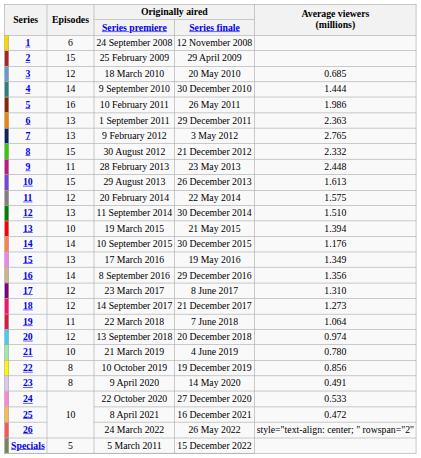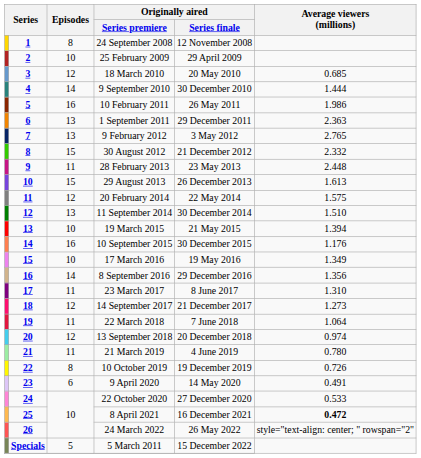 <table class="wikitable" style="text-align: center; ">
 <tr>
 <th style="padding: 0 8px; " colspan="2" rowspan="2">Series</th>
 <th style="padding: 0 8px; " rowspan="2">Episodes</th>
 <th colspan="2">Originally aired</th>
 <th style="padding: 0 8px; " rowspan="2">Average viewers<br>(millions)</th>
 </tr>
 <tr>
 <th><a href='#'>Series premiere</a></th>
 <th><a href='#'>Series finale</a></th>
 </tr>
 <tr>
 <td style="background:gold; "></td>
 <td style="text-align: center; "><strong><a href='#'>1</a></strong></td>
-<td style="text-align: center; ">6</td>
+<td style="text-align: center; ">8</td>
 <td style="text-align: center; ">24 September 2008</td>
 <td style="text-align: center; ">12 November 2008</td>
 <td></td>
 </tr>
 <tr>
 <td style="background:#b22222;"></td>
 <td style="text-align: center; "><strong><a href='#'>2</a></strong></td>
-<td style="text-align: center; ">15</td>
+<td style="text-align: center; ">10</td>
 <td style="text-align: center; ">25 February 2009</td>
 <td style="text-align: center; ">29 April 2009</td>
 <td></td>
 </tr>
 <tr>
 <td style="background:#69c; "></td>
 <td style="text-align: center; "><strong><a href='#'>3</a></strong></td>
 <td style="text-align: center; ">12</td>
 <td style="text-align: center; ">18 March 2010</td>
 <td style="text-align: center; ">20 May 2010</td>
 <td>0.685</td>
 </tr>
 <tr>
 <td style="background:#28837c; "></td>
 <td style="text-align: center; "><strong><a href='#'>4</a></strong></td>
 <td style="text-align: center; ">14</td>
 <td style="text-align: center; ">9 September 2010</td>
 <td style="text-align: center; ">30 December 2010</td>
 <td>1.444</td>
 </tr>
 <tr>
 <td style="background:#8b2500;"></td>
 <td style="text-align: center; "><strong><a href='#'>5</a></strong></td>
 <td style="text-align: center; ">16</td>
 <td style="text-align: center; ">10 February 2011</td>
 <td style="text-align: center; ">26 May 2011</td>
 <td>1.986</td>
 </tr>
 <tr>
 <td style="background:#f28500;"></td>
 <td style="text-align: center; "><strong><a href='#'>6</a></strong></td>
 <td style="text-align: center; ">13</td>
 <td style="text-align: center; ">1 September 2011</td>
 <td style="text-align: center; ">29 December 2011</td>
 <td>2.363</td>
 </tr>
 <tr>
 <td style="background:#082567;"></td>
 <td style="text-align: center; "><strong><a href='#'>7</a></strong></td>
 <td style="text-align: center; ">13</td>
 <td style="text-align: center; ">9 February 2012</td>
 <td style="text-align: center; ">3 May 2012</td>
 <td>2.765</td>
 </tr>
 <tr>
 <td style="background:#3c0;"></td>
 <td style="text-align: center; "><strong><a href='#'>8</a></strong></td>
 <td style="text-align: center; ">15</td>
 <td style="text-align: center; ">30 August 2012</td>
 <td style="text-align: center; ">21 December 2012</td>
 <td>2.332</td>
 </tr>
 <tr>
 <td style="background:#C71585;"></td>
 <td style="text-align: center; "><strong><a href='#'>9</a></strong></td>
 <td style="text-align: center; ">11</td>
 <td style="text-align: center; ">28 February 2013</td>
 <td style="text-align: center; ">23 May 2013</td>
 <td>2.448</td>
 </tr>
 <tr>
 <td style="background:#74D;"></td>
 <td style="text-align: center; "><strong><a href='#'>10</a></strong></td>
 <td style="text-align: center; ">15</td>
 <td style="text-align: center; ">29 August 2013</td>
 <td style="text-align: center; ">26 December 2013</td>
 <td>1.613</td>
 </tr>
 <tr>
 <td style="background:gray;"></td>
 <td style="text-align: center; "><strong><a href='#'>11</a></strong></td>
 <td style="text-align: center; ">12</td>
 <td style="text-align: center; ">20 February 2014</td>
 <td style="text-align: center; ">22 May 2014</td>
 <td>1.575</td>
 </tr>
 <tr>
 <td style="background:green;"></td>
 <td style="text-align: center; "><strong><a href='#'>12</a></strong></td>
 <td style="text-align: center; ">13</td>
 <td style="text-align: center; ">11 September 2014</td>
 <td style="text-align: center; ">30 December 2014</td>
 <td>1.510</td>
 </tr>
 <tr>
 <td style="background:red;"></td>
 <td style="text-align: center; "><strong><a href='#'>13</a></strong></td>
 <td style="text-align: center; ">10</td>
 <td style="text-align: center; ">19 March 2015</td>
 <td style="text-align: center; ">21 May 2015</td>
 <td>1.394</td>
 </tr>
 <tr>
 <td style="background:coral;"></td>
 <td style="text-align: center; "><strong><a href='#'>14</a></strong></td>
-<td style="text-align: center; ">14</td>
+<td style="text-align: center; ">16</td>
 <td style="text-align: center; ">10 September 2015</td>
 <td style="text-align: center; ">30 December 2015</td>
 <td>1.176</td>
 </tr>
 <tr>
 <td style="background:violet;"></td>
 <td style="text-align: center; "><strong><a href='#'>15</a></strong></td>
-<td style="text-align: center; ">13</td>
+<td style="text-align: center; ">10</td>
 <td style="text-align: center; ">17 March 2016</td>
 <td style="text-align: center; ">19 May 2016</td>
 <td>1.349</td>
 </tr>
 <tr>
 <td style="background:tan;"></td>
 <td style="text-align: center; "><strong><a href='#'>16</a></strong></td>
 <td style="text-align: center; ">14</td>
 <td style="text-align: center; ">8 September 2016</td>
 <td style="text-align: center; ">29 December 2016</td>
 <td>1.356</td>
 </tr>
 <tr>
 <td style="background:purple;"></td>
 <td style="text-align: center; "><strong><a href='#'>17</a></strong></td>
-<td style="text-align: center; ">12</td>
+<td style="text-align: center; ">11</td>
 <td style="text-align: center; ">23 March 2017</td>
 <td style="text-align: center; ">8 June 2017</td>
 <td>1.310</td>
 </tr>
 <tr>
 <td style="background:#ff0f6f;"></td>
 <td style="text-align: center; "><strong><a href='#'>18</a></strong></td>
 <td style="text-align: center; ">12</td>
 <td style="text-align: center; ">14 September 2017</td>
 <td style="text-align: center; ">21 December 2017</td>
 <td>1.273</td>
 </tr>
 <tr>
 <td style="background:#e2163f;"></td>
 <td style="text-align: center; "><strong><a href='#'>19</a></strong></td>
 <td style="text-align: center; ">11</td>
 <td style="text-align: center; ">22 March 2018</td>
 <td style="text-align: center; ">7 June 2018</td>
 <td>1.064</td>
 </tr>
 <tr>
 <td style="background:#44ceed;"></td>
 <td style="text-align: center; "><strong><a href='#'>20</a></strong></td>
 <td style="text-align: center; ">12</td>
 <td style="text-align: center; ">13 September 2018</td>
 <td style="text-align: center; ">20 December 2018</td>
 <td>0.974</td>
 </tr>
 <tr>
 <td style="background:#9ceda3;"></td>
 <td style="text-align: center; "><strong><a href='#'>21</a></strong></td>
-<td style="text-align: center; ">10</td>
+<td style="text-align: center; ">11</td>
 <td style="text-align: center; ">21 March 2019</td>
 <td style="text-align: center; ">4 June 2019</td>
 <td>0.780</td>
 </tr>
 <tr>
 <td style="background:#fff700;"></td>
 <td style="text-align: center; "><strong><a href='#'>22</a></strong></td>
 <td style="text-align: center; ">8</td>
 <td style="text-align: center; ">10 October 2019</td>
 <td style="text-align: center; ">19 December 2019</td>
-<td>0.856</td>
+<td>0.726</td>
 </tr>
 <tr>
 <td style="background:#ddc6f7;"></td>
 <td style="text-align: center; "><strong><a href='#'>23</a></strong></td>
-<td style="text-align: center; ">8</td>
+<td style="text-align: center; ">6</td>
 <td style="text-align: center; ">9 April 2020</td>
 <td style="text-align: center; ">14 May 2020</td>
 <td>0.491</td>
 </tr>
 <tr>
 <td style="background:#ff85d6;"></td>
 <td style="text-align: center; "><strong><a href='#'>24</a></strong></td>
 <td rowspan="3" style="text-align: center; ">10</td>
 <td style="text-align: center; ">22 October 2020</td>
 <td style="text-align: center; ">27 December 2020</td>
 <td>0.533</td>
 </tr>
 <tr>
 <td style="background:#ffb94f;"></td>
 <td style="text-align: center; "><strong><a href='#'>25</a></strong></td>
 <td style="text-align: center; ">8 April 2021</td>
 <td style="text-align: center; ">16 December 2021</td>
-<td>0.472</td>
+<td><strong>0.472</strong></td>
 </tr>
 <tr>
 <td style="background:#ff5454;"></td>
 <td style="text-align: center; "><strong><a href='#'>26</a></strong></td>
 <td style="text-align: center; ">24 March 2022</td>
 <td style="text-align: center; ">26 May 2022</td>
 <td>style="text-align: center; " rowspan="2" </td>
 </tr>
 <tr>
 <td style="background:#788557;"></td>
 <td style="text-align: center; "><strong><a href='#'>Specials</a></strong></td>
 <td style="text-align: center; ">5</td>
 <td style="text-align: center; ">5 March 2011</td>
 <td style="text-align: center; ">15 December 2022</td>
 </tr>
 <tr>
 </tr>
 </table>
